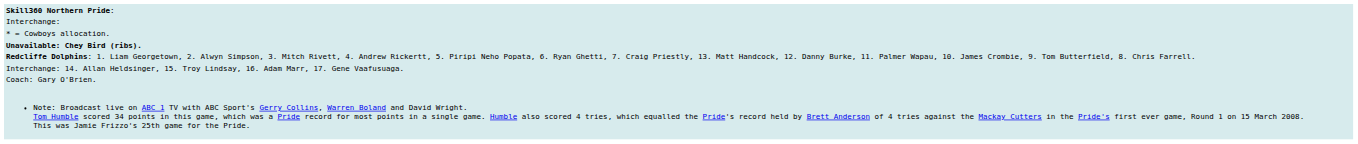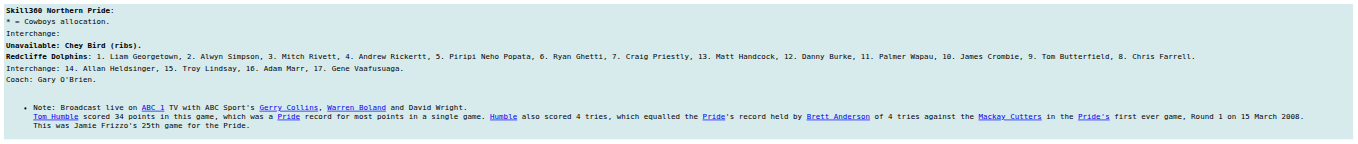 <table style="background:#d7ebed; font-size:85%; width:100%;">
 <tr>
 <td><strong>Skill360 Northern Pride</strong>:             </td>
 </tr>
 <tr>
-<td>Interchange:    </td>
+<td>* = Cowboys allocation.</td>
 </tr>
 <tr>
-<td>* = Cowboys allocation.</td>
+<td>Interchange:    </td>
 </tr>
 <tr>
 <td><strong>Unavailable: Chey Bird (ribs).</strong></td>
 </tr>
 <tr>
 <td><strong>Redcliffe Dolphins</strong>: 1. Liam Georgetown, 2. Alwyn Simpson, 3. Mitch Rivett, 4. Andrew Rickertt, 5. Piripi Neho Popata, 6. Ryan Ghetti, 7. Craig Priestly, 13. Matt Handcock, 12. Danny Burke, 11. Palmer Wapau, 10. James Crombie, 9. Tom Butterfield, 8. Chris Farrell.</td>
 </tr>
 <tr>
 <td>Interchange: 14. Allan Heldsinger, 15. Troy Lindsay, 16. Adam Marr, 17. Gene Vaafusuaga.</td>
 </tr>
 <tr>
 <td>Coach: Gary O'Brien.</td>
 </tr>
 <tr>
 <td><br><ul><li>Note: Broadcast live on <a href='#'>ABC 1</a> TV with ABC Sport's <a href='#'>Gerry Collins</a>, <a href='#'>Warren Boland</a> and David Wright.<br><a href='#'>Tom Humble</a> scored 34 points in this game, which was a <a href='#'>Pride</a> record for most points in a single game. <a href='#'>Humble</a> also scored 4 tries, which equalled the <a href='#'>Pride</a>'s record held by <a href='#'>Brett Anderson</a> of 4 tries against the <a href='#'>Mackay Cutters</a> in the <a href='#'>Pride's</a> first ever game, Round 1 on 15 March 2008.<br>This was Jamie Frizzo's 25th game for the Pride.</li></ul></td>
 </tr>
 </table>
